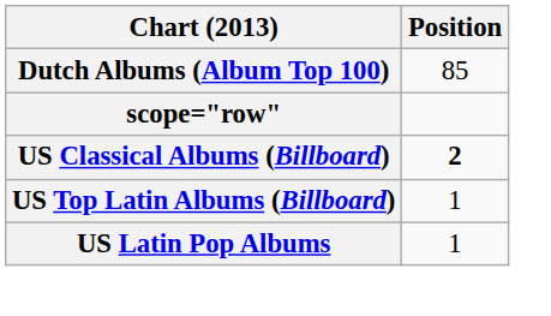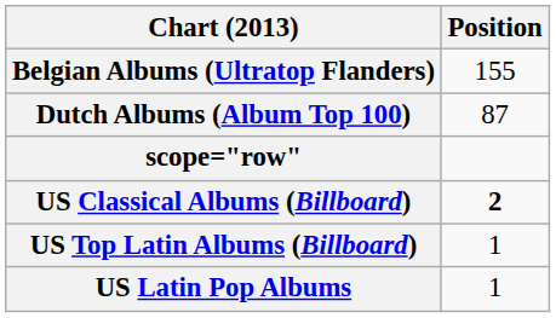 <table class="wikitable sortable plainrowheaders">
 <tr>
 <th>Chart (2013)</th>
 <th>Position</th>
 </tr>
 <tr>
+<th scope="row">Belgian Albums (<a href='#'>Ultratop</a> Flanders)</th>
+<td align="center">155</td>
+</tr>
+<tr>
 <th scope="row">Dutch Albums (<a href='#'>Album Top 100</a>)</th>
-<td align="center">85</td>
+<td align="center">87</td>
 </tr>
 <tr>
 <th>scope="row" </th>
 </tr>
 <tr>
 <th scope="row">US <a href='#'>Classical Albums</a> (<em><a href='#'>Billboard</a></em>)</th>
 <td align="center"><strong>2</strong></td>
 </tr>
 <tr>
 <th scope="row">US <a href='#'>Top Latin Albums</a> (<em><a href='#'>Billboard</a></em>)</th>
 <td align="center">1</td>
 </tr>
 <tr>
 <th scope="row">US <a href='#'>Latin Pop Albums</a></th>
 <td align="center">1</td>
 </tr>
 </table>
